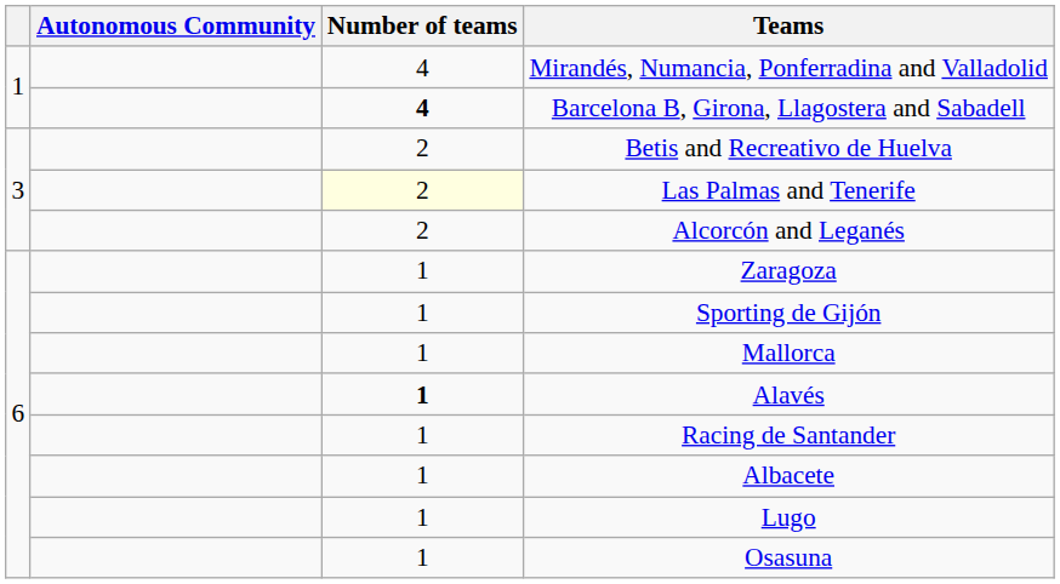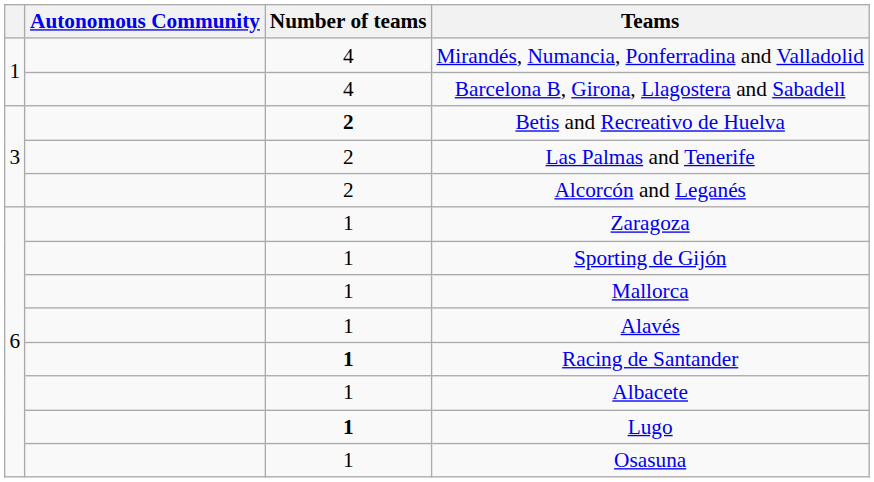 <table class="wikitable">
 <tr>
 <th></th>
 <th><a href='#'>Autonomous Community</a></th>
 <th>Number of teams</th>
 <th>Teams</th>
 </tr>
 <tr>
 <td rowspan=2>1</td>
 <td></td>
 <td align=center>4</td>
 <td align=center><a href='#'>Mirandés</a>, <a href='#'>Numancia</a>, <a href='#'>Ponferradina</a> and <a href='#'>Valladolid</a></td>
 </tr>
 <tr>
 <td></td>
-<td align=center><strong>4</strong></td>
+<td align=center>4</td>
 <td align=center><a href='#'>Barcelona B</a>, <a href='#'>Girona</a>, <a href='#'>Llagostera</a> and <a href='#'>Sabadell</a></td>
 </tr>
 <tr>
 <td rowspan=3>3</td>
 <td></td>
-<td align=center>2</td>
+<td align=center><strong>2</strong></td>
 <td align=center><a href='#'>Betis</a> and <a href='#'>Recreativo de Huelva</a></td>
 </tr>
 <tr>
 <td></td>
-<td align=center style="background: lightyellow;">2</td>
+<td align=center>2</td>
 <td align=center><a href='#'>Las Palmas</a> and <a href='#'>Tenerife</a></td>
 </tr>
 <tr>
 <td></td>
 <td align=center>2</td>
 <td align=center><a href='#'>Alcorcón</a> and <a href='#'>Leganés</a></td>
 </tr>
 <tr>
 <td rowspan=8>6</td>
 <td></td>
 <td align=center>1</td>
 <td align=center><a href='#'>Zaragoza</a></td>
 </tr>
 <tr>
 <td></td>
 <td align=center>1</td>
 <td align=center><a href='#'>Sporting de Gijón</a></td>
 </tr>
 <tr>
 <td></td>
 <td align=center>1</td>
 <td align=center><a href='#'>Mallorca</a></td>
 </tr>
 <tr>
 <td></td>
-<td align=center><strong>1</strong></td>
+<td align=center>1</td>
 <td align=center><a href='#'>Alavés</a></td>
 </tr>
 <tr>
 <td></td>
-<td align=center>1</td>
+<td align=center><strong>1</strong></td>
 <td align=center><a href='#'>Racing de Santander</a></td>
 </tr>
 <tr>
 <td></td>
 <td align=center>1</td>
 <td align=center><a href='#'>Albacete</a></td>
 </tr>
 <tr>
 <td></td>
-<td align=center>1</td>
+<td align=center><strong>1</strong></td>
 <td align=center><a href='#'>Lugo</a></td>
 </tr>
 <tr>
 <td></td>
 <td align=center>1</td>
 <td align=center><a href='#'>Osasuna</a></td>
 </tr>
 </table>
